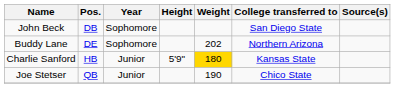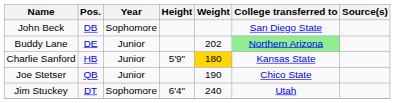 <table class="wikitable sortable" border="1" style="text-align: center;">
 <tr align=center>
 <th>Name</th>
 <th>Pos.</th>
 <th>Year</th>
 <th>Height</th>
 <th>Weight</th>
 <th>College transferred to</th>
 <th>Source(s)</th>
 </tr>
 <tr>
 <td>John Beck</td>
 <td><a href='#'>DB</a></td>
 <td>Sophomore</td>
 <td></td>
 <td></td>
 <td><a href='#'>San Diego State</a></td>
 <td></td>
 </tr>
 <tr>
 <td>Buddy Lane</td>
 <td><a href='#'>DE</a></td>
-<td>Sophomore</td>
+<td>Junior</td>
 <td></td>
 <td>202</td>
-<td><a href='#'>Northern Arizona</a></td>
+<td style="background: lightgreen;"><a href='#'>Northern Arizona</a></td>
 <td></td>
 </tr>
 <tr>
 <td>Charlie Sanford</td>
 <td><a href='#'>HB</a></td>
 <td>Junior</td>
 <td>5'9"</td>
 <td style="background: gold;">180</td>
 <td><a href='#'>Kansas State</a></td>
 <td></td>
 </tr>
 <tr>
 <td>Joe Stetser</td>
 <td><a href='#'>QB</a></td>
 <td>Junior</td>
 <td></td>
 <td>190</td>
 <td><a href='#'>Chico State</a></td>
 <td></td>
 </tr>
 <tr>
+<td>Jim Stuckey</td>
+<td><a href='#'>DT</a></td>
+<td>Sophomore</td>
+<td>6'4"</td>
+<td>240</td>
+<td><a href='#'>Utah</a></td>
+<td></td>
+</tr>
+<tr>
 </tr>
 </table>
